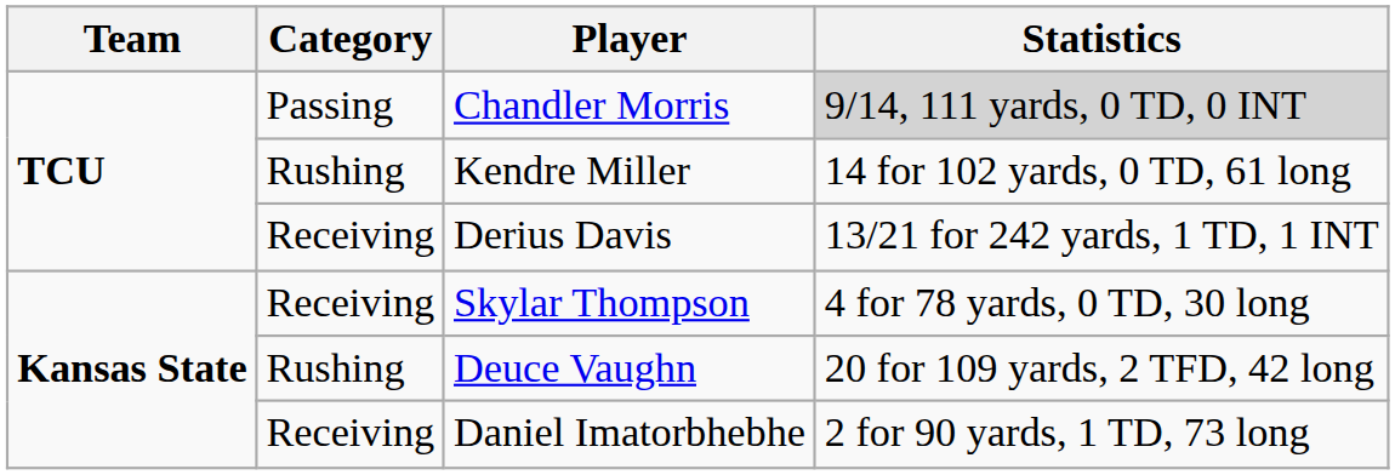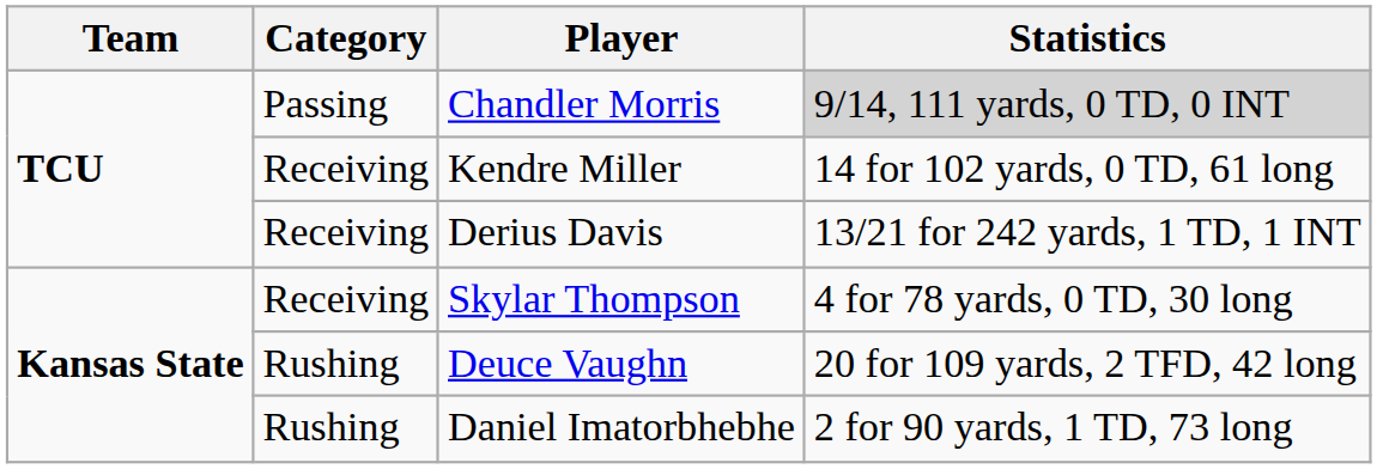 <table class="wikitable" style="float: right;">
 <tr>
 <th>Team</th>
 <th>Category</th>
 <th>Player</th>
 <th>Statistics</th>
 </tr>
 <tr>
 <td rowspan=3><strong>TCU</strong></td>
 <td>Passing</td>
 <td><a href='#'>Chandler Morris</a></td>
 <td style="background: lightgrey;">9/14, 111 yards, 0 TD, 0 INT</td>
 </tr>
 <tr>
-<td>Rushing</td>
+<td>Receiving</td>
 <td>Kendre Miller</td>
 <td>14 for 102 yards, 0 TD, 61 long</td>
 </tr>
 <tr>
 <td>Receiving</td>
 <td>Derius Davis</td>
 <td>13/21 for 242 yards, 1 TD, 1 INT</td>
 </tr>
 <tr>
 <td rowspan=3><strong>Kansas State</strong></td>
 <td>Receiving</td>
 <td><a href='#'>Skylar Thompson</a></td>
 <td>4 for 78 yards, 0 TD, 30 long</td>
 </tr>
 <tr>
 <td>Rushing</td>
 <td><a href='#'>Deuce Vaughn</a></td>
 <td>20 for 109 yards, 2 TFD, 42 long</td>
 </tr>
 <tr>
-<td>Receiving</td>
+<td>Rushing</td>
 <td>Daniel Imatorbhebhe</td>
 <td>2 for 90 yards, 1 TD, 73 long</td>
 </tr>
 </table>
